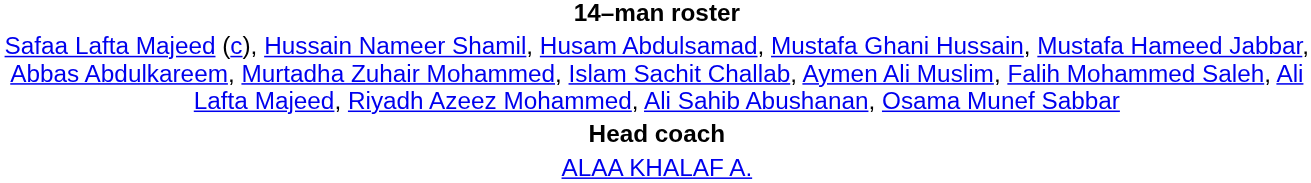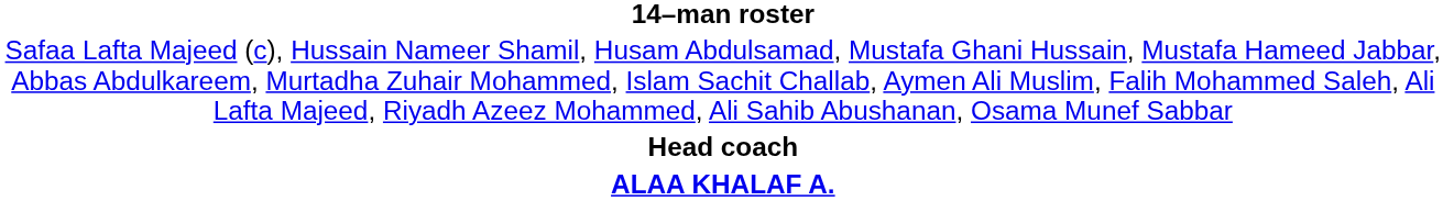 <table style="text-align:center; margin-top:2em; margin-left:auto; margin-right:auto">
 <tr>
 <td><strong>14–man roster</strong></td>
 </tr>
 <tr>
 <td><a href='#'>Safaa Lafta Majeed</a> (<a href='#'>c</a>), <a href='#'>Hussain Nameer Shamil</a>, <a href='#'>Husam Abdulsamad</a>, <a href='#'>Mustafa Ghani Hussain</a>, <a href='#'>Mustafa Hameed Jabbar</a>, <a href='#'>Abbas Abdulkareem</a>, <a href='#'>Murtadha Zuhair Mohammed</a>, <a href='#'>Islam Sachit Challab</a>, <a href='#'>Aymen Ali Muslim</a>, <a href='#'>Falih Mohammed Saleh</a>, <a href='#'>Ali Lafta Majeed</a>, <a href='#'>Riyadh Azeez Mohammed</a>, <a href='#'>Ali Sahib Abushanan</a>, <a href='#'>Osama Munef Sabbar</a></td>
 </tr>
 <tr>
 <td><strong>Head coach</strong></td>
 </tr>
 <tr>
-<td><a href='#'>ALAA KHALAF A.</a></td>
+<td><strong><a href='#'>ALAA KHALAF A.</a></strong></td>
 </tr>
 </table>
